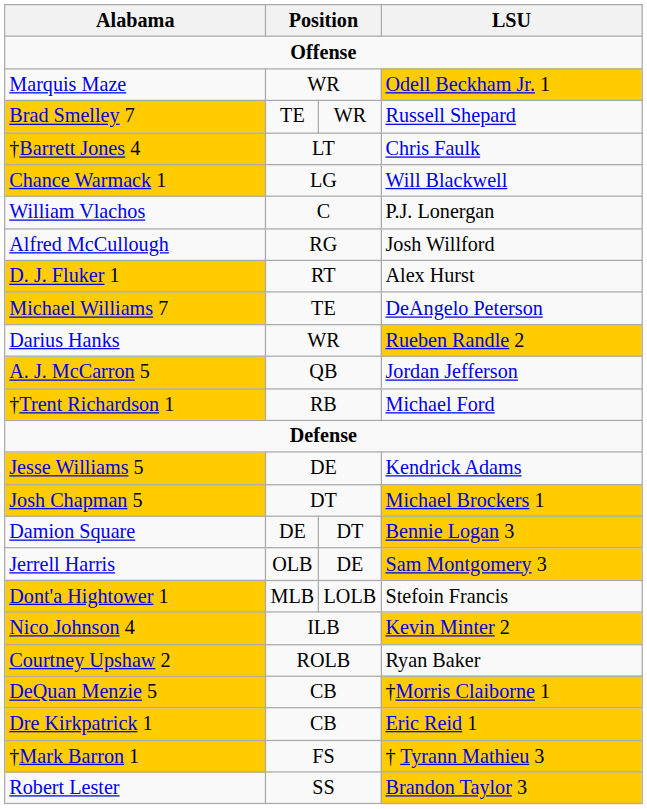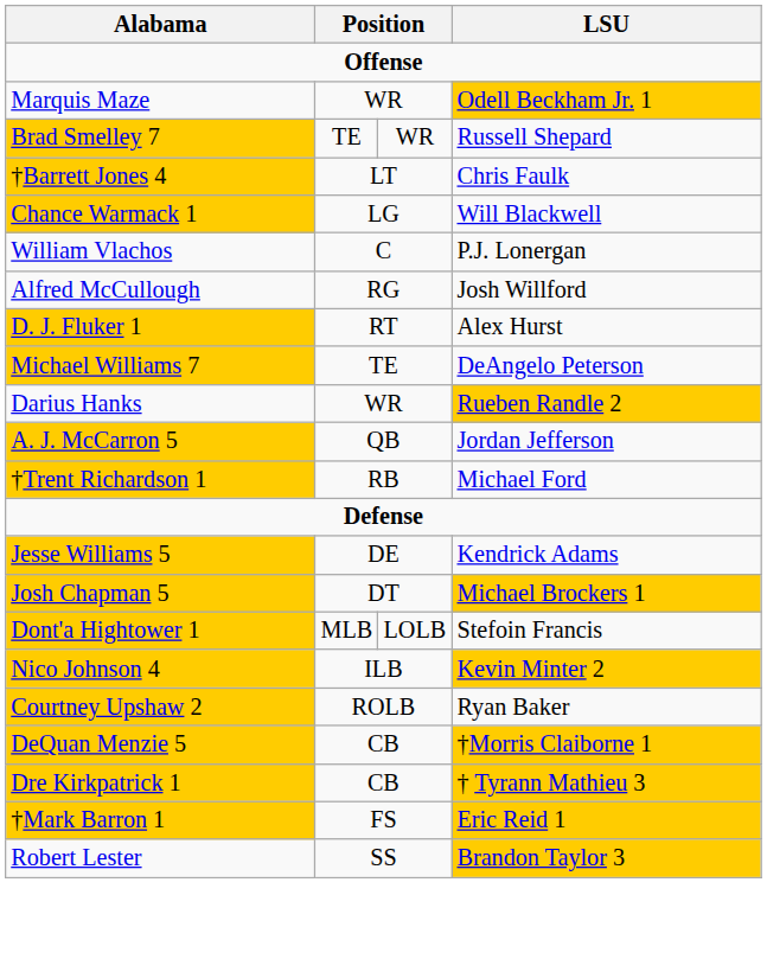 <table class="wikitable">
 <tr>
 <th style="width:200px;">Alabama</th>
 <th colspan="2">Position</th>
 <th style="width:200px;">LSU</th>
 </tr>
 <tr>
 <td colspan="4" style="text-align:center"><strong>Offense</strong></td>
 </tr>
 <tr>
 <td><a href='#'>Marquis Maze</a></td>
 <td colspan="2" style="text-align:center">WR</td>
 <td bgcolor="#FFCC00"><a href='#'>Odell Beckham Jr.</a> 1</td>
 </tr>
 <tr>
 <td bgcolor="#FFCC00"><a href='#'>Brad Smelley</a> 7</td>
 <td style="text-align:center">TE</td>
 <td style="text-align:center">WR</td>
 <td><a href='#'>Russell Shepard</a></td>
 </tr>
 <tr>
 <td bgcolor="#FFCC00">†<a href='#'>Barrett Jones</a> 4</td>
 <td colspan="2" style="text-align:center">LT</td>
 <td><a href='#'>Chris Faulk</a></td>
 </tr>
 <tr>
 <td bgcolor="#FFCC00"><a href='#'>Chance Warmack</a> 1</td>
 <td colspan="2" style="text-align:center">LG</td>
 <td><a href='#'>Will Blackwell</a></td>
 </tr>
 <tr>
 <td><a href='#'>William Vlachos</a></td>
 <td colspan="2" style="text-align:center">C</td>
 <td>P.J. Lonergan</td>
 </tr>
 <tr>
 <td><a href='#'>Alfred McCullough</a></td>
 <td colspan="2" style="text-align:center">RG</td>
 <td>Josh Willford</td>
 </tr>
 <tr>
 <td bgcolor="#FFCC00"><a href='#'>D. J. Fluker</a> 1</td>
 <td colspan="2" style="text-align:center">RT</td>
 <td>Alex Hurst</td>
 </tr>
 <tr>
 <td bgcolor="#FFCC00"><a href='#'>Michael Williams</a>  7</td>
 <td colspan="2" style="text-align:center">TE</td>
 <td><a href='#'>DeAngelo Peterson</a></td>
 </tr>
 <tr>
 <td><a href='#'>Darius Hanks</a></td>
 <td colspan="2" style="text-align:center">WR</td>
 <td bgcolor="#FFCC00"><a href='#'>Rueben Randle</a> 2</td>
 </tr>
 <tr>
 <td bgcolor="#FFCC00"><a href='#'>A. J. McCarron</a> 5</td>
 <td colspan="2" style="text-align:center">QB</td>
 <td><a href='#'>Jordan Jefferson</a></td>
 </tr>
 <tr>
 <td bgcolor="#FFCC00">†<a href='#'>Trent Richardson</a> 1</td>
 <td colspan="2" style="text-align:center">RB</td>
 <td><a href='#'>Michael Ford</a></td>
 </tr>
 <tr>
 <td colspan="4" style="text-align:center"><strong>Defense</strong></td>
 </tr>
 <tr>
 <td bgcolor="#FFCC00"><a href='#'>Jesse Williams</a> 5</td>
 <td colspan="2" style="text-align:center">DE</td>
 <td><a href='#'>Kendrick Adams</a></td>
 </tr>
 <tr>
 <td bgcolor="#FFCC00"><a href='#'>Josh Chapman</a> 5</td>
 <td colspan="2" style="text-align:center">DT</td>
 <td bgcolor="#FFCC00"><a href='#'>Michael Brockers</a> 1</td>
 </tr>
 <tr>
-<td><a href='#'>Damion Square</a></td>
-<td style="text-align:center">DE</td>
-<td style="text-align:center">DT</td>
-<td bgcolor="#FFCC00"><a href='#'>Bennie Logan</a> 3</td>
-</tr>
-<tr>
-<td><a href='#'>Jerrell Harris</a></td>
-<td style="text-align:center">OLB</td>
-<td style="text-align:center">DE</td>
-<td bgcolor="#FFCC00"><a href='#'>Sam Montgomery</a> 3</td>
-</tr>
-<tr>
 <td bgcolor="#FFCC00"><a href='#'>Dont'a Hightower</a> 1</td>
 <td style="text-align:center">MLB</td>
 <td style="text-align:center">LOLB</td>
 <td>Stefoin Francis</td>
 </tr>
 <tr>
 <td bgcolor="#FFCC00"><a href='#'>Nico Johnson</a> 4</td>
 <td colspan="2" style="text-align:center">ILB</td>
 <td bgcolor="#FFCC00"><a href='#'>Kevin Minter</a> 2</td>
 </tr>
 <tr>
 <td bgcolor="#FFCC00"><a href='#'>Courtney Upshaw</a> 2</td>
 <td colspan="2" style="text-align:center">ROLB</td>
 <td>Ryan Baker</td>
 </tr>
 <tr>
 <td bgcolor="#FFCC00"><a href='#'>DeQuan Menzie</a> 5</td>
 <td colspan="2" style="text-align:center">CB</td>
 <td bgcolor="#FFCC00">†<a href='#'>Morris Claiborne</a> 1</td>
 </tr>
 <tr>
 <td bgcolor="#FFCC00"><a href='#'>Dre Kirkpatrick</a> 1</td>
 <td colspan="2" style="text-align:center">CB</td>
-<td bgcolor="#FFCC00"><a href='#'>Eric Reid</a> 1</td>
+<td bgcolor="#FFCC00">† <a href='#'>Tyrann Mathieu</a> 3</td>
 </tr>
 <tr>
 <td bgcolor="#FFCC00">†<a href='#'>Mark Barron</a> 1</td>
 <td colspan="2" style="text-align:center">FS</td>
-<td bgcolor="#FFCC00">† <a href='#'>Tyrann Mathieu</a> 3</td>
+<td bgcolor="#FFCC00"><a href='#'>Eric Reid</a> 1</td>
 </tr>
 <tr>
 <td><a href='#'>Robert Lester</a></td>
 <td colspan="2" style="text-align:center">SS</td>
 <td bgcolor="#FFCC00"><a href='#'>Brandon Taylor</a> 3</td>
 </tr>
 </table>
